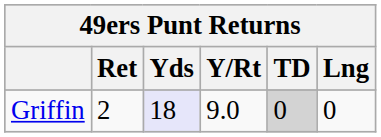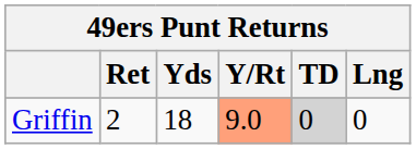 <table class="wikitable">
 <tr>
 <th colspan="6">49ers Punt Returns</th>
 </tr>
 <tr>
 <th></th>
 <th>Ret</th>
 <th>Yds</th>
 <th>Y/Rt</th>
 <th>TD</th>
 <th>Lng</th>
 </tr>
 <tr>
 <td><a href='#'>Griffin</a></td>
 <td>2</td>
-<td style="background: lavender;">18</td>
-<td>9.0</td>
+<td>18</td>
+<td style="background: lightsalmon;">9.0</td>
 <td style="background: lightgrey;">0</td>
 <td>0</td>
 </tr>
 </table>
